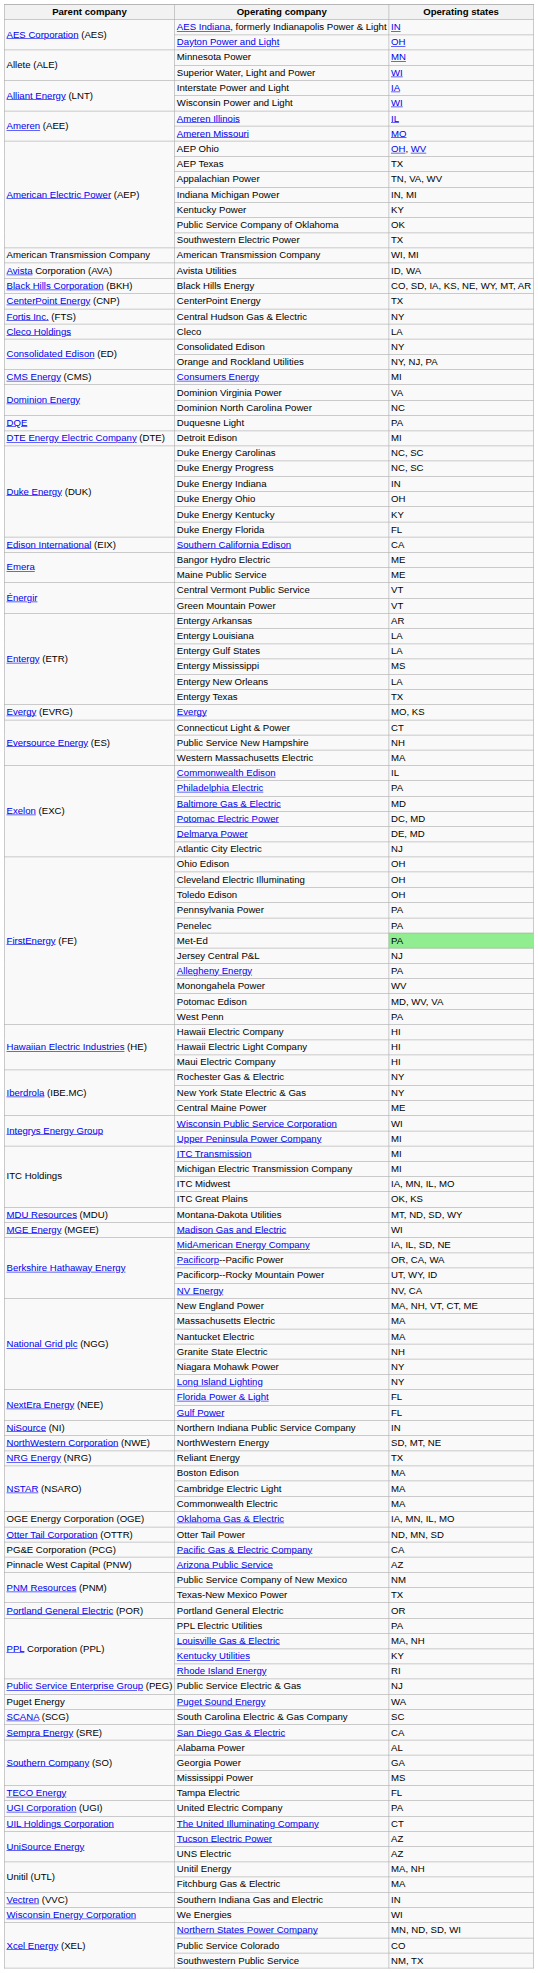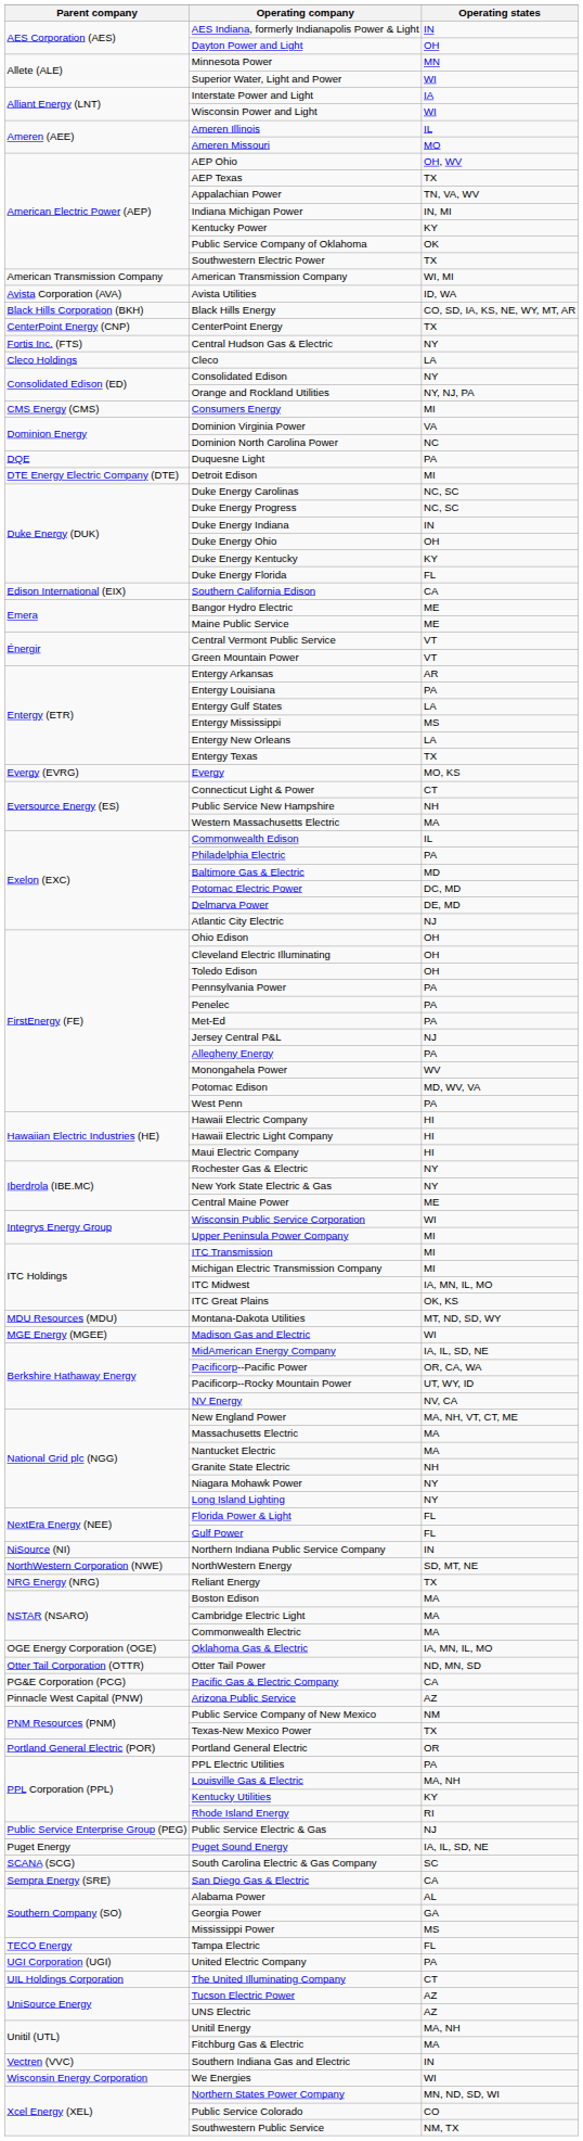 <table class="wikitable sortable" style="text-align: left;">
 <tr>
 </tr>
 <tr>
 <th>Parent company</th>
 <th>Operating company</th>
 <th>Operating states</th>
 </tr>
 <tr>
 <td rowspan='2'><a href='#'>AES Corporation</a> (AES)</td>
 <td><a href='#'>AES Indiana</a>, formerly Indianapolis Power & Light</td>
 <td><a href='#'>IN</a></td>
 </tr>
 <tr>
 <td><a href='#'>Dayton Power and Light</a></td>
 <td><a href='#'>OH</a></td>
 </tr>
 <tr>
 <td rowspan='2'>Allete (ALE)</td>
 <td>Minnesota Power</td>
 <td><a href='#'>MN</a></td>
 </tr>
 <tr>
 <td>Superior Water, Light and Power</td>
 <td><a href='#'>WI</a></td>
 </tr>
 <tr>
 <td rowspan='2'><a href='#'>Alliant Energy</a> (LNT)</td>
 <td>Interstate Power and Light</td>
 <td><a href='#'>IA</a></td>
 </tr>
 <tr>
 <td>Wisconsin Power and Light</td>
 <td><a href='#'>WI</a></td>
 </tr>
 <tr>
 <td rowspan='2'><a href='#'>Ameren</a> (AEE)</td>
 <td><a href='#'>Ameren Illinois</a></td>
 <td><a href='#'>IL</a></td>
 </tr>
 <tr>
 <td><a href='#'>Ameren Missouri</a></td>
 <td><a href='#'>MO</a></td>
 </tr>
 <tr>
 <td rowspan='7'><a href='#'>American Electric Power</a> (AEP)</td>
 <td>AEP Ohio</td>
 <td><a href='#'>OH</a>, <a href='#'>WV</a></td>
 </tr>
 <tr>
 <td>AEP Texas</td>
 <td>TX</td>
 </tr>
 <tr>
 <td>Appalachian Power</td>
 <td>TN, VA, WV</td>
 </tr>
 <tr>
 <td>Indiana Michigan Power</td>
 <td>IN, MI</td>
 </tr>
 <tr>
 <td>Kentucky Power</td>
 <td>KY</td>
 </tr>
 <tr>
 <td>Public Service Company of Oklahoma</td>
 <td>OK</td>
 </tr>
 <tr>
 <td>Southwestern Electric Power</td>
 <td>TX</td>
 </tr>
 <tr>
 <td>American Transmission Company</td>
 <td>American Transmission Company</td>
 <td>WI, MI</td>
 </tr>
 <tr>
 <td><a href='#'>Avista</a> Corporation (AVA)</td>
 <td>Avista Utilities</td>
 <td>ID, WA</td>
 </tr>
 <tr>
 <td><a href='#'>Black Hills Corporation</a> (BKH)</td>
 <td>Black Hills Energy</td>
 <td>CO, SD, IA, KS, NE, WY, MT, AR</td>
 </tr>
 <tr>
 <td><a href='#'>CenterPoint Energy</a> (CNP)</td>
 <td>CenterPoint Energy</td>
 <td>TX</td>
 </tr>
 <tr>
 <td><a href='#'>Fortis Inc.</a> (FTS)</td>
 <td>Central Hudson Gas & Electric</td>
 <td>NY</td>
 </tr>
 <tr>
 <td><a href='#'>Cleco Holdings</a></td>
 <td>Cleco</td>
 <td>LA</td>
 </tr>
 <tr>
 <td rowspan='2'><a href='#'>Consolidated Edison</a> (ED)</td>
 <td>Consolidated Edison</td>
 <td>NY</td>
 </tr>
 <tr>
 <td>Orange and Rockland Utilities</td>
 <td>NY, NJ, PA</td>
 </tr>
 <tr>
 <td><a href='#'>CMS Energy</a> (CMS)</td>
 <td><a href='#'>Consumers Energy</a></td>
 <td>MI</td>
 </tr>
 <tr>
 <td rowspan='2'><a href='#'>Dominion Energy</a></td>
 <td>Dominion Virginia Power</td>
 <td>VA</td>
 </tr>
 <tr>
 <td>Dominion North Carolina Power</td>
 <td>NC</td>
 </tr>
 <tr>
 <td><a href='#'>DQE</a></td>
 <td>Duquesne Light</td>
 <td>PA</td>
 </tr>
 <tr>
 <td><a href='#'>DTE Energy Electric Company</a> (DTE)</td>
 <td>Detroit Edison</td>
 <td>MI</td>
 </tr>
 <tr>
 <td rowspan='6'><a href='#'>Duke Energy</a> (DUK)</td>
 <td>Duke Energy Carolinas</td>
 <td>NC, SC</td>
 </tr>
 <tr>
 <td>Duke Energy Progress</td>
 <td>NC, SC</td>
 </tr>
 <tr>
 <td>Duke Energy Indiana</td>
 <td>IN</td>
 </tr>
 <tr>
 <td>Duke Energy Ohio</td>
 <td>OH</td>
 </tr>
 <tr>
 <td>Duke Energy Kentucky</td>
 <td>KY</td>
 </tr>
 <tr>
 <td>Duke Energy Florida</td>
 <td>FL</td>
 </tr>
 <tr>
 <td><a href='#'>Edison International</a> (EIX)</td>
 <td><a href='#'>Southern California Edison</a></td>
 <td>CA</td>
 </tr>
 <tr>
 <td rowspan='2'><a href='#'>Emera</a></td>
 <td>Bangor Hydro Electric</td>
 <td>ME</td>
 </tr>
 <tr>
 <td>Maine Public Service</td>
 <td>ME</td>
 </tr>
 <tr>
 <td rowspan='2'><a href='#'>Énergir</a></td>
 <td>Central Vermont Public Service</td>
 <td>VT</td>
 </tr>
 <tr>
 <td>Green Mountain Power</td>
 <td>VT</td>
 </tr>
 <tr>
 <td rowspan='6'><a href='#'>Entergy</a> (ETR)</td>
 <td>Entergy Arkansas</td>
 <td>AR</td>
 </tr>
 <tr>
 <td>Entergy Louisiana</td>
-<td>LA</td>
+<td>PA</td>
 </tr>
 <tr>
 <td>Entergy Gulf States</td>
 <td>LA</td>
 </tr>
 <tr>
 <td>Entergy Mississippi</td>
 <td>MS</td>
 </tr>
 <tr>
 <td>Entergy New Orleans</td>
 <td>LA</td>
 </tr>
 <tr>
 <td>Entergy Texas</td>
 <td>TX</td>
 </tr>
 <tr>
 <td><a href='#'>Evergy</a> (EVRG)</td>
 <td><a href='#'>Evergy</a></td>
 <td>MO, KS</td>
 </tr>
 <tr>
 <td rowspan='3'><a href='#'>Eversource Energy</a> (ES)</td>
 <td>Connecticut Light & Power</td>
 <td>CT</td>
 </tr>
 <tr>
 <td>Public Service New Hampshire</td>
 <td>NH</td>
 </tr>
 <tr>
 <td>Western Massachusetts Electric</td>
 <td>MA</td>
 </tr>
 <tr>
 <td rowspan='6'><a href='#'>Exelon</a> (EXC)</td>
 <td><a href='#'>Commonwealth Edison</a></td>
 <td>IL</td>
 </tr>
 <tr>
 <td><a href='#'>Philadelphia Electric</a></td>
 <td>PA</td>
 </tr>
 <tr>
 <td><a href='#'>Baltimore Gas & Electric</a></td>
 <td>MD</td>
 </tr>
 <tr>
 <td><a href='#'>Potomac Electric Power</a></td>
 <td>DC, MD</td>
 </tr>
 <tr>
 <td><a href='#'>Delmarva Power</a></td>
 <td>DE, MD</td>
 </tr>
 <tr>
 <td>Atlantic City Electric</td>
 <td>NJ</td>
 </tr>
 <tr>
 <td rowspan='11'><a href='#'>FirstEnergy</a> (FE)</td>
 <td>Ohio Edison</td>
 <td>OH</td>
 </tr>
 <tr>
 <td>Cleveland Electric Illuminating</td>
 <td>OH</td>
 </tr>
 <tr>
 <td>Toledo Edison</td>
 <td>OH</td>
 </tr>
 <tr>
 <td>Pennsylvania Power</td>
 <td>PA</td>
 </tr>
 <tr>
 <td>Penelec</td>
 <td>PA</td>
 </tr>
 <tr>
 <td>Met-Ed</td>
-<td style="background: lightgreen;">PA</td>
+<td>PA</td>
 </tr>
 <tr>
 <td>Jersey Central P&L</td>
 <td>NJ</td>
 </tr>
 <tr>
 <td><a href='#'>Allegheny Energy</a></td>
 <td>PA</td>
 </tr>
 <tr>
 <td>Monongahela Power</td>
 <td>WV</td>
 </tr>
 <tr>
 <td>Potomac Edison</td>
 <td>MD, WV, VA</td>
 </tr>
 <tr>
 <td>West Penn</td>
 <td>PA</td>
 </tr>
 <tr>
 <td rowspan='3'><a href='#'>Hawaiian Electric Industries</a> (HE)</td>
 <td>Hawaii Electric Company</td>
 <td>HI</td>
 </tr>
 <tr>
 <td>Hawaii Electric Light Company</td>
 <td>HI</td>
 </tr>
 <tr>
 <td>Maui Electric Company</td>
 <td>HI</td>
 </tr>
 <tr>
 <td rowspan='3'><a href='#'>Iberdrola</a> (IBE.MC)</td>
 <td>Rochester Gas & Electric</td>
 <td>NY</td>
 </tr>
 <tr>
 <td>New York State Electric & Gas</td>
 <td>NY</td>
 </tr>
 <tr>
 <td>Central Maine Power</td>
 <td>ME</td>
 </tr>
 <tr>
 <td rowspan='2'><a href='#'>Integrys Energy Group</a></td>
 <td><a href='#'>Wisconsin Public Service Corporation</a></td>
 <td>WI</td>
 </tr>
 <tr>
 <td><a href='#'>Upper Peninsula Power Company</a></td>
 <td>MI</td>
 </tr>
 <tr>
 <td rowspan='4'>ITC Holdings</td>
 <td><a href='#'>ITC Transmission</a></td>
 <td>MI</td>
 </tr>
 <tr>
 <td>Michigan Electric Transmission Company</td>
 <td>MI</td>
 </tr>
 <tr>
 <td>ITC Midwest</td>
 <td>IA, MN, IL, MO</td>
 </tr>
 <tr>
 <td>ITC Great Plains</td>
 <td>OK, KS</td>
 </tr>
 <tr>
 <td><a href='#'>MDU Resources</a> (MDU)</td>
 <td>Montana-Dakota Utilities</td>
 <td>MT, ND, SD, WY</td>
 </tr>
 <tr>
 <td><a href='#'>MGE Energy</a> (MGEE)</td>
 <td><a href='#'>Madison Gas and Electric</a></td>
 <td>WI</td>
 </tr>
 <tr>
 <td rowspan='4'><a href='#'>Berkshire Hathaway Energy</a></td>
 <td><a href='#'>MidAmerican Energy Company</a></td>
 <td>IA, IL, SD, NE</td>
 </tr>
 <tr>
 <td><a href='#'>Pacificorp</a>--Pacific Power</td>
 <td>OR, CA, WA</td>
 </tr>
 <tr>
 <td>Pacificorp--Rocky Mountain Power</td>
 <td>UT, WY, ID</td>
 </tr>
 <tr>
 <td><a href='#'>NV Energy</a></td>
 <td>NV, CA</td>
 </tr>
 <tr>
 <td rowspan='6'><a href='#'>National Grid plc</a> (NGG)</td>
 <td>New England Power</td>
 <td>MA, NH, VT, CT, ME</td>
 </tr>
 <tr>
 <td>Massachusetts Electric</td>
 <td>MA</td>
 </tr>
 <tr>
 <td>Nantucket Electric</td>
 <td>MA</td>
 </tr>
 <tr>
 <td>Granite State Electric</td>
 <td>NH</td>
 </tr>
 <tr>
 <td>Niagara Mohawk Power</td>
 <td>NY</td>
 </tr>
 <tr>
 <td><a href='#'>Long Island Lighting</a></td>
 <td>NY</td>
 </tr>
 <tr>
 <td rowspan= '2'><a href='#'>NextEra Energy</a> (NEE)</td>
 <td><a href='#'>Florida Power & Light</a></td>
 <td>FL</td>
 </tr>
 <tr>
 <td><a href='#'>Gulf Power</a></td>
 <td>FL</td>
 </tr>
 <tr>
 <td><a href='#'>NiSource</a> (NI)</td>
 <td>Northern Indiana Public Service Company</td>
 <td>IN</td>
 </tr>
 <tr>
 <td><a href='#'>NorthWestern Corporation</a> (NWE)</td>
 <td>NorthWestern Energy</td>
 <td>SD, MT, NE</td>
 </tr>
 <tr>
 <td><a href='#'>NRG Energy</a> (NRG)</td>
 <td>Reliant Energy</td>
 <td>TX</td>
 </tr>
 <tr>
 <td rowspan='3'><a href='#'>NSTAR</a> (NSARO)</td>
 <td>Boston Edison</td>
 <td>MA</td>
 </tr>
 <tr>
 <td>Cambridge Electric Light</td>
 <td>MA</td>
 </tr>
 <tr>
 <td>Commonwealth Electric</td>
 <td>MA</td>
 </tr>
 <tr>
 <td>OGE Energy Corporation (OGE)</td>
 <td><a href='#'>Oklahoma Gas & Electric</a></td>
 <td>IA, MN, IL, MO</td>
 </tr>
 <tr>
 <td><a href='#'>Otter Tail Corporation</a> (OTTR)</td>
 <td>Otter Tail Power</td>
 <td>ND, MN, SD</td>
 </tr>
 <tr>
 <td>PG&E Corporation (PCG)</td>
 <td><a href='#'>Pacific Gas & Electric Company</a></td>
 <td>CA</td>
 </tr>
 <tr>
 <td>Pinnacle West Capital (PNW)</td>
 <td><a href='#'>Arizona Public Service</a></td>
 <td>AZ</td>
 </tr>
 <tr>
 <td rowspan='2'><a href='#'>PNM Resources</a> (PNM)</td>
 <td>Public Service Company of New Mexico</td>
 <td>NM</td>
 </tr>
 <tr>
 <td>Texas-New Mexico Power</td>
 <td>TX</td>
 </tr>
 <tr>
 <td><a href='#'>Portland General Electric</a> (POR)</td>
 <td>Portland General Electric</td>
 <td>OR</td>
 </tr>
 <tr>
 <td rowspan='4’'><a href='#'>PPL</a> Corporation (PPL)</td>
 <td>PPL Electric Utilities</td>
 <td>PA</td>
 </tr>
 <tr>
 <td><a href='#'>Louisville Gas & Electric</a></td>
 <td>MA, NH</td>
 </tr>
 <tr>
 <td><a href='#'>Kentucky Utilities</a></td>
 <td>KY</td>
 </tr>
 <tr>
 <td><a href='#'>Rhode Island Energy</a></td>
 <td>RI</td>
 </tr>
 <tr>
 <td><a href='#'>Public Service Enterprise Group</a> (PEG)</td>
 <td>Public Service Electric & Gas</td>
 <td>NJ</td>
 </tr>
 <tr>
 <td>Puget Energy</td>
 <td><a href='#'>Puget Sound Energy</a></td>
-<td>WA</td>
+<td>IA, IL, SD, NE</td>
 </tr>
 <tr>
 <td><a href='#'>SCANA</a> (SCG)</td>
 <td>South Carolina Electric & Gas Company</td>
 <td>SC</td>
 </tr>
 <tr>
 <td><a href='#'>Sempra Energy</a> (SRE)</td>
 <td><a href='#'>San Diego Gas & Electric</a></td>
 <td>CA</td>
 </tr>
 <tr>
 <td rowspan='3'><a href='#'>Southern Company</a> (SO)</td>
 <td>Alabama Power</td>
 <td>AL</td>
 </tr>
 <tr>
 <td>Georgia Power</td>
 <td>GA</td>
 </tr>
 <tr>
 <td>Mississippi Power</td>
 <td>MS</td>
 </tr>
 <tr>
 <td><a href='#'>TECO Energy</a></td>
 <td>Tampa Electric</td>
 <td>FL</td>
 </tr>
 <tr>
 <td><a href='#'>UGI Corporation</a> (UGI)</td>
 <td>United Electric Company</td>
 <td>PA</td>
 </tr>
 <tr>
 <td><a href='#'>UIL Holdings Corporation</a></td>
 <td><a href='#'>The United Illuminating Company</a></td>
 <td>CT</td>
 </tr>
 <tr>
 <td rowspan='2'><a href='#'>UniSource Energy</a></td>
 <td><a href='#'>Tucson Electric Power</a></td>
 <td>AZ</td>
 </tr>
 <tr>
 <td>UNS Electric</td>
 <td>AZ</td>
 </tr>
 <tr>
 <td rowspan='2'>Unitil (UTL)</td>
 <td>Unitil Energy</td>
 <td>MA, NH</td>
 </tr>
 <tr>
 <td>Fitchburg Gas & Electric</td>
 <td>MA</td>
 </tr>
 <tr>
 <td><a href='#'>Vectren</a> (VVC)</td>
 <td>Southern Indiana Gas and Electric</td>
 <td>IN</td>
 </tr>
 <tr>
 <td><a href='#'>Wisconsin Energy Corporation</a></td>
 <td>We Energies</td>
 <td>WI</td>
 </tr>
 <tr>
 <td rowspan='3'><a href='#'>Xcel Energy</a> (XEL)</td>
 <td><a href='#'>Northern States Power Company</a></td>
 <td>MN, ND, SD, WI</td>
 </tr>
 <tr>
 <td>Public Service Colorado</td>
 <td>CO</td>
 </tr>
 <tr>
 <td>Southwestern Public Service</td>
 <td>NM, TX</td>
 </tr>
 </table>
